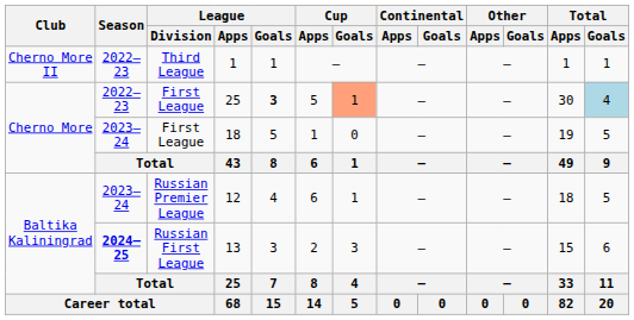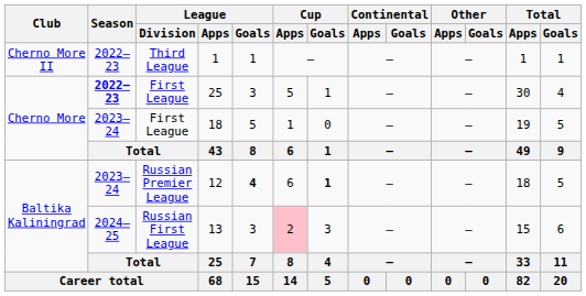 <table class="wikitable" style="text-align:center">
 <tr>
 <th rowspan="2">Club</th>
 <th rowspan="2">Season</th>
 <th colspan="3">League</th>
 <th colspan="2">Cup</th>
 <th colspan="2">Continental</th>
 <th colspan="2">Other</th>
 <th colspan="2">Total</th>
 </tr>
 <tr>
 <th>Division</th>
 <th>Apps</th>
 <th>Goals</th>
 <th>Apps</th>
 <th>Goals</th>
 <th>Apps</th>
 <th>Goals</th>
 <th>Apps</th>
 <th>Goals</th>
 <th>Apps</th>
 <th>Goals</th>
 </tr>
 <tr>
 <td><a href='#'>Cherno More II</a></td>
 <td><a href='#'>2022–23</a></td>
 <td><a href='#'>Third League</a></td>
 <td>1</td>
 <td>1</td>
 <td colspan="2">–</td>
 <td colspan="2">–</td>
 <td colspan="2">–</td>
 <td>1</td>
 <td>1</td>
 </tr>
 <tr>
 <td rowspan=3 valign="center"><a href='#'>Cherno More</a></td>
-<td><a href='#'>2022–23</a></td>
+<td><strong><a href='#'>2022–23</a></strong></td>
 <td><a href='#'>First League</a></td>
 <td>25</td>
-<td><strong>3</strong></td>
+<td>3</td>
 <td>5</td>
-<td style="background: lightsalmon;">1</td>
+<td>1</td>
 <td colspan="2">–</td>
 <td colspan="2">–</td>
 <td>30</td>
-<td style="background: lightblue;">4</td>
+<td>4</td>
 </tr>
 <tr>
 <td><a href='#'>2023–24</a></td>
 <td>First League</td>
 <td>18</td>
 <td>5</td>
 <td>1</td>
 <td>0</td>
 <td colspan="2">–</td>
 <td colspan="2">–</td>
 <td>19</td>
 <td>5</td>
 </tr>
 <tr>
 <th colspan="2">Total</th>
 <th>43</th>
 <th>8</th>
 <th>6</th>
 <th>1</th>
 <th colspan="2">–</th>
 <th colspan="2">–</th>
 <th>49</th>
 <th>9</th>
 </tr>
 <tr>
 <td rowspan=3 valign="center"><a href='#'>Baltika Kaliningrad</a></td>
 <td><a href='#'>2023–24</a></td>
 <td><a href='#'>Russian Premier League</a></td>
 <td>12</td>
-<td>4</td>
+<td><strong>4</strong></td>
 <td>6</td>
-<td>1</td>
+<td><strong>1</strong></td>
 <td colspan="2">–</td>
 <td colspan="2">–</td>
 <td>18</td>
 <td>5</td>
 </tr>
 <tr>
-<td><strong><a href='#'>2024–25</a></strong></td>
+<td><a href='#'>2024–25</a></td>
 <td><a href='#'>Russian First League</a></td>
 <td>13</td>
 <td>3</td>
-<td>2</td>
+<td style="background: pink;">2</td>
 <td>3</td>
 <td colspan="2">–</td>
 <td colspan="2">–</td>
 <td>15</td>
 <td>6</td>
 </tr>
 <tr>
 <th colspan="2">Total</th>
 <th>25</th>
 <th>7</th>
 <th>8</th>
 <th>4</th>
 <th colspan="2">–</th>
 <th colspan="2">–</th>
 <th>33</th>
 <th>11</th>
 </tr>
 <tr>
 <th colspan="3">Career total</th>
 <th>68</th>
 <th>15</th>
 <th>14</th>
 <th>5</th>
 <th>0</th>
 <th>0</th>
 <th>0</th>
 <th>0</th>
 <th>82</th>
 <th>20</th>
 </tr>
 </table>
